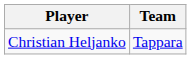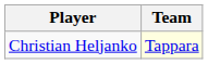 <table class="wikitable plainrowheaders">
 <tr>
 <th scope="col">Player</th>
 <th scope="col">Team</th>
 </tr>
 <tr>
 <td> <a href='#'>Christian Heljanko</a></td>
-<td> <a href='#'>Tappara</a></td>
+<td style="background: lightyellow;"> <a href='#'>Tappara</a></td>
 </tr>
 </table>
